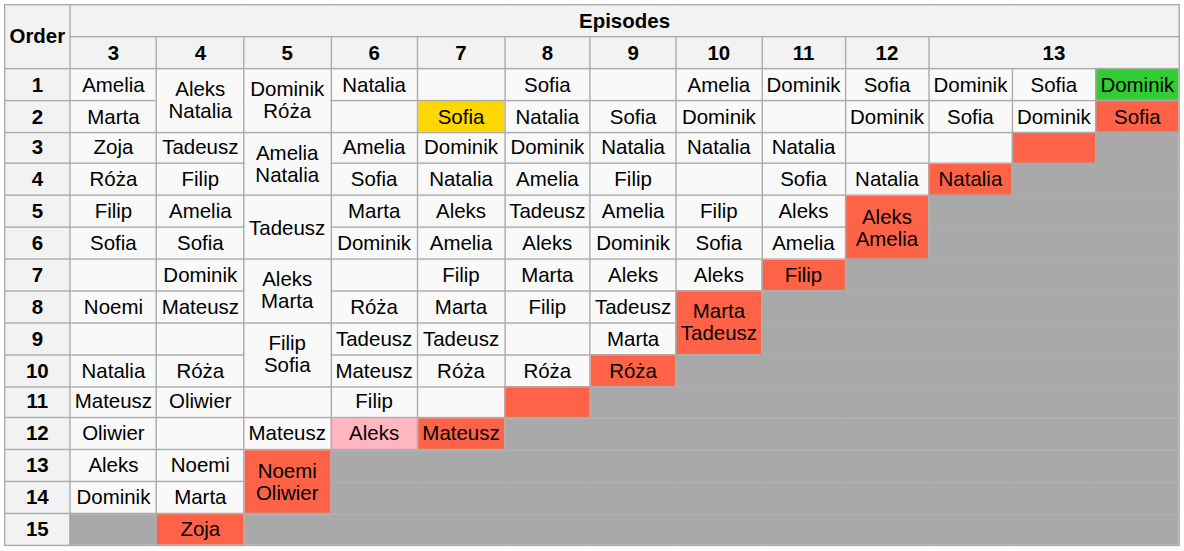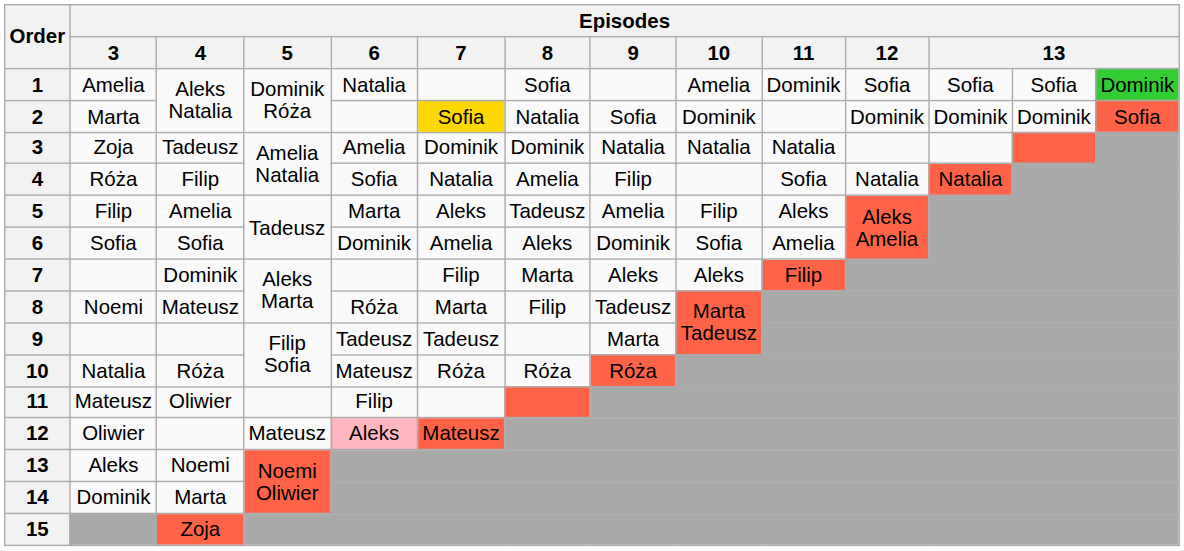 <table class="wikitable" style="text-align:center; font-size:92%">
 <tr>
 <th rowspan=2>Order</th>
 <th colspan="17">Episodes</th>
 </tr>
 <tr>
 <th>3</th>
 <th>4</th>
 <th>5</th>
 <th>6</th>
 <th>7</th>
 <th>8</th>
 <th>9</th>
 <th>10</th>
 <th>11</th>
 <th>12</th>
 <th colspan="3">13</th>
 </tr>
 <tr>
 <th>1</th>
 <td>Amelia</td>
 <td rowspan="2">Aleks<br>Natalia</td>
 <td rowspan="2">Dominik<br>Róża</td>
 <td>Natalia</td>
 <td></td>
 <td>Sofia</td>
 <td></td>
 <td>Amelia</td>
 <td>Dominik</td>
 <td>Sofia</td>
-<td>Dominik</td>
+<td>Sofia</td>
 <td>Sofia</td>
 <td style="background:limegreen">Dominik</td>
 </tr>
 <tr>
 <th>2</th>
 <td>Marta</td>
 <td></td>
 <td style="background:gold">Sofia</td>
 <td>Natalia</td>
 <td>Sofia</td>
 <td>Dominik</td>
 <td></td>
 <td>Dominik</td>
-<td>Sofia</td>
+<td>Dominik</td>
 <td>Dominik</td>
 <td style="background:tomato;">Sofia</td>
 </tr>
 <tr>
 <th>3</th>
 <td>Zoja</td>
 <td>Tadeusz</td>
 <td rowspan="2">Amelia<br>Natalia</td>
 <td>Amelia</td>
 <td>Dominik</td>
 <td>Dominik</td>
 <td>Natalia</td>
 <td>Natalia</td>
 <td>Natalia</td>
 <td></td>
 <td></td>
 <td style="background:tomato;"></td>
 <td colspan="10" style="background:darkgray;"></td>
 </tr>
 <tr>
 <th>4</th>
 <td>Róża</td>
 <td>Filip</td>
 <td>Sofia</td>
 <td>Natalia</td>
 <td>Amelia</td>
 <td>Filip</td>
 <td></td>
 <td>Sofia</td>
 <td>Natalia</td>
 <td style="background:tomato;">Natalia</td>
 <td colspan="10" style="background:darkgray;"></td>
 </tr>
 <tr>
 <th>5</th>
 <td>Filip</td>
 <td>Amelia</td>
 <td rowspan="2">Tadeusz<br></td>
 <td>Marta</td>
 <td>Aleks</td>
 <td>Tadeusz</td>
 <td>Amelia</td>
 <td>Filip</td>
 <td>Aleks</td>
 <td rowspan="2"style="background:tomato;">Aleks<br>Amelia</td>
 <td colspan="10" style="background:darkgray;"></td>
 </tr>
 <tr>
 <th>6</th>
 <td>Sofia</td>
 <td>Sofia</td>
 <td>Dominik</td>
 <td>Amelia</td>
 <td>Aleks</td>
 <td>Dominik</td>
 <td>Sofia</td>
 <td>Amelia</td>
 <td colspan="10" style="background:darkgray;"></td>
 </tr>
 <tr>
 <th>7</th>
 <td></td>
 <td>Dominik</td>
 <td rowspan="2">Aleks<br>Marta</td>
 <td></td>
 <td>Filip</td>
 <td>Marta</td>
 <td>Aleks</td>
 <td>Aleks</td>
 <td style="background:tomato;">Filip</td>
 <td colspan="10" style="background:darkgray;"></td>
 </tr>
 <tr>
 <th>8</th>
 <td>Noemi</td>
 <td>Mateusz</td>
 <td>Róża</td>
 <td>Marta</td>
 <td>Filip</td>
 <td>Tadeusz</td>
 <td rowspan="2"style="background:tomato;">Marta<br>Tadeusz</td>
 <td colspan="10" style="background:darkgray;"></td>
 </tr>
 <tr>
 <th>9</th>
 <td></td>
 <td></td>
 <td rowspan="2">Filip<br>Sofia</td>
 <td>Tadeusz</td>
 <td>Tadeusz</td>
 <td></td>
 <td>Marta</td>
 <td colspan="10" style="background:darkgray;"></td>
 </tr>
 <tr>
 <th>10</th>
 <td>Natalia</td>
 <td>Róża</td>
 <td>Mateusz</td>
 <td>Róża</td>
 <td>Róża</td>
 <td style="background:tomato;">Róża</td>
 <td colspan="10" style="background:darkgray;"></td>
 </tr>
 <tr>
 <th>11</th>
 <td>Mateusz</td>
 <td>Oliwier</td>
 <td></td>
 <td>Filip</td>
 <td></td>
 <td style="background:tomato;"></td>
 <td colspan="10" style="background:darkgray;"></td>
 </tr>
 <tr>
 <th>12</th>
 <td>Oliwier</td>
 <td></td>
 <td>Mateusz</td>
 <td style="background:lightpink;">Aleks</td>
 <td style="background:tomato;">Mateusz</td>
 <td colspan="10" style="background:darkgray;"></td>
 </tr>
 <tr>
 <th>13</th>
 <td>Aleks</td>
 <td>Noemi</td>
 <td rowspan="2"style="background:tomato;">Noemi<br>Oliwier</td>
 <td colspan="11" style="background:darkgray;"></td>
 </tr>
 <tr>
 <th>14</th>
 <td>Dominik</td>
 <td>Marta</td>
 <td colspan="11" style="background:darkgray;"></td>
 </tr>
 <tr>
 <th>15</th>
 <td style="background:darkgray;"></td>
 <td style="background:tomato;">Zoja</td>
 <td colspan="11" style="background:darkgray;"></td>
 </tr>
 </table>
